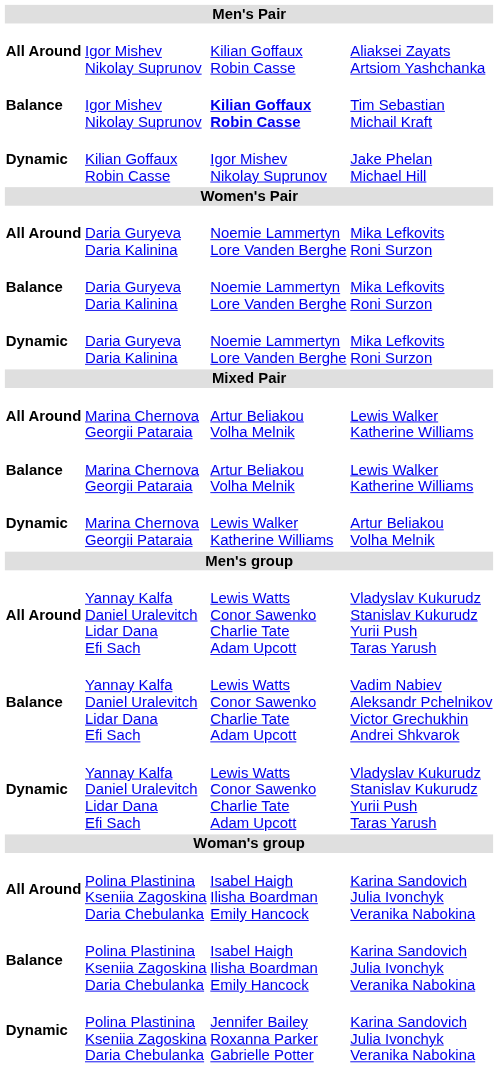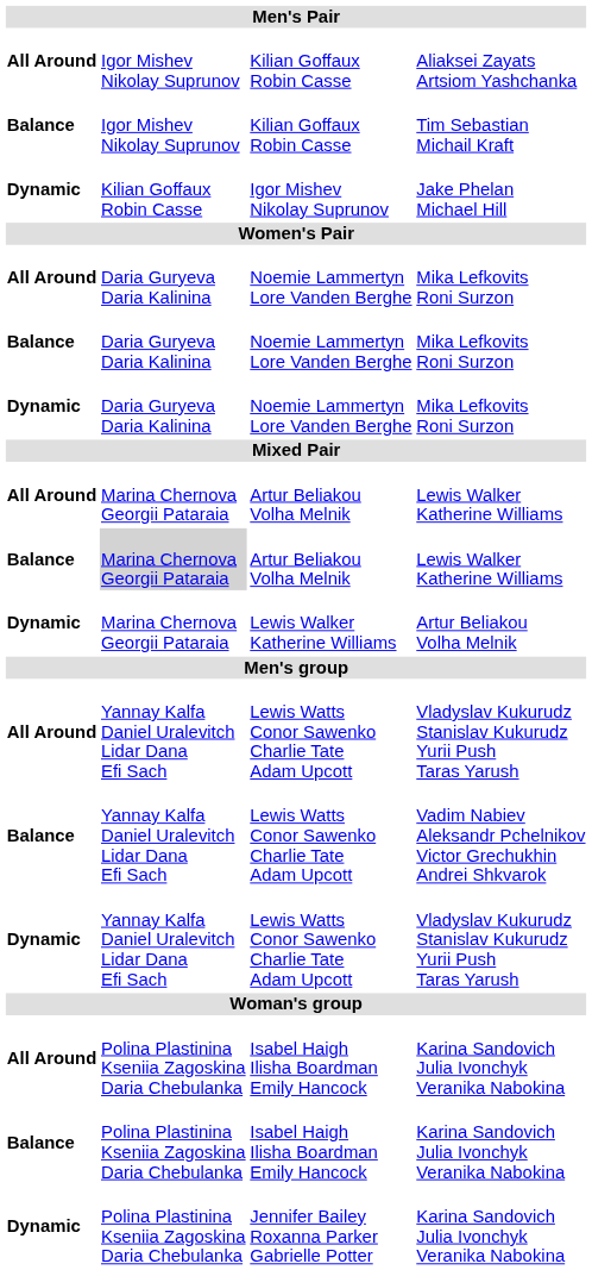 <table>
 <tr bgcolor="DFDFDF">
 <td colspan="4" align="center"><strong>Men's Pair</strong></td>
 </tr>
 <tr>
 <th scope=row style="text-align:left">All Around<br></th>
 <td><br><a href='#'>Igor Mishev</a><br><a href='#'>Nikolay Suprunov</a></td>
 <td><br><a href='#'>Kilian Goffaux</a><br><a href='#'>Robin Casse</a></td>
 <td><br><a href='#'>Aliaksei Zayats</a><br><a href='#'>Artsiom Yashchanka</a></td>
 </tr>
 <tr>
 <th scope=row style="text-align:left">Balance<br></th>
 <td><br><a href='#'>Igor Mishev</a><br><a href='#'>Nikolay Suprunov</a></td>
-<td><strong><br><a href='#'>Kilian Goffaux</a><br><a href='#'>Robin Casse</a></strong></td>
+<td><br><a href='#'>Kilian Goffaux</a><br><a href='#'>Robin Casse</a></td>
 <td><br><a href='#'>Tim Sebastian</a><br><a href='#'>Michail Kraft</a></td>
 </tr>
 <tr>
 <th scope=row style="text-align:left">Dynamic<br></th>
 <td><br><a href='#'>Kilian Goffaux</a><br><a href='#'>Robin Casse</a></td>
 <td><br><a href='#'>Igor Mishev</a><br><a href='#'>Nikolay Suprunov</a></td>
 <td><br><a href='#'>Jake Phelan</a><br><a href='#'>Michael Hill</a></td>
 </tr>
 <tr bgcolor="DFDFDF">
 <td colspan="4" align="center"><strong>Women's Pair</strong></td>
 </tr>
 <tr>
 <th scope=row style="text-align:left">All Around<br></th>
 <td><br><a href='#'>Daria Guryeva</a><br><a href='#'>Daria Kalinina</a></td>
 <td><br><a href='#'>Noemie Lammertyn</a><br><a href='#'>Lore Vanden Berghe</a></td>
 <td><br><a href='#'>Mika Lefkovits</a><br><a href='#'>Roni Surzon</a></td>
 </tr>
 <tr>
 <th scope=row style="text-align:left">Balance<br></th>
 <td><br><a href='#'>Daria Guryeva</a><br><a href='#'>Daria Kalinina</a></td>
 <td><br><a href='#'>Noemie Lammertyn</a><br><a href='#'>Lore Vanden Berghe</a></td>
 <td><br><a href='#'>Mika Lefkovits</a><br><a href='#'>Roni Surzon</a></td>
 </tr>
 <tr>
 <th scope=row style="text-align:left">Dynamic<br></th>
 <td><br><a href='#'>Daria Guryeva</a><br><a href='#'>Daria Kalinina</a></td>
 <td><br><a href='#'>Noemie Lammertyn</a><br><a href='#'>Lore Vanden Berghe</a></td>
 <td><br><a href='#'>Mika Lefkovits</a><br><a href='#'>Roni Surzon</a></td>
 </tr>
 <tr bgcolor="DFDFDF">
 <td colspan="4" align="center"><strong>Mixed Pair</strong></td>
 </tr>
 <tr>
 <th scope=row style="text-align:left">All Around<br></th>
 <td><br><a href='#'>Marina Chernova</a><br><a href='#'>Georgii Pataraia</a></td>
 <td><br><a href='#'>Artur Beliakou</a><br><a href='#'>Volha Melnik</a></td>
 <td><br><a href='#'>Lewis Walker</a><br><a href='#'>Katherine Williams</a></td>
 </tr>
 <tr>
 <th scope=row style="text-align:left">Balance<br></th>
-<td><br><a href='#'>Marina Chernova</a><br><a href='#'>Georgii Pataraia</a></td>
+<td style="background: lightgrey;"><br><a href='#'>Marina Chernova</a><br><a href='#'>Georgii Pataraia</a></td>
 <td><br><a href='#'>Artur Beliakou</a><br><a href='#'>Volha Melnik</a></td>
 <td><br><a href='#'>Lewis Walker</a><br><a href='#'>Katherine Williams</a></td>
 </tr>
 <tr>
 <th scope=row style="text-align:left">Dynamic<br></th>
 <td><br><a href='#'>Marina Chernova</a><br><a href='#'>Georgii Pataraia</a></td>
 <td><br><a href='#'>Lewis Walker</a><br><a href='#'>Katherine Williams</a></td>
 <td><br><a href='#'>Artur Beliakou</a><br><a href='#'>Volha Melnik</a></td>
 </tr>
 <tr bgcolor="DFDFDF">
 <td colspan="4" align="center"><strong>Men's group</strong></td>
 </tr>
 <tr>
 <th scope=row style="text-align:left">All Around<br></th>
 <td><br><a href='#'>Yannay Kalfa</a><br><a href='#'>Daniel Uralevitch</a><br><a href='#'>Lidar Dana</a><br><a href='#'>Efi Sach</a></td>
 <td><br><a href='#'>Lewis Watts</a><br><a href='#'>Conor Sawenko</a><br><a href='#'>Charlie Tate</a><br><a href='#'>Adam Upcott</a></td>
 <td><br><a href='#'>Vladyslav Kukurudz</a><br><a href='#'>Stanislav Kukurudz</a><br><a href='#'>Yurii Push</a><br><a href='#'>Taras Yarush</a></td>
 </tr>
 <tr>
 <th scope=row style="text-align:left">Balance<br></th>
 <td><br><a href='#'>Yannay Kalfa</a><br><a href='#'>Daniel Uralevitch</a><br><a href='#'>Lidar Dana</a><br><a href='#'>Efi Sach</a></td>
 <td><br><a href='#'>Lewis Watts</a><br><a href='#'>Conor Sawenko</a><br><a href='#'>Charlie Tate</a><br><a href='#'>Adam Upcott</a></td>
 <td><br><a href='#'>Vadim Nabiev</a><br><a href='#'>Aleksandr Pchelnikov</a><br><a href='#'>Victor Grechukhin</a><br><a href='#'>Andrei Shkvarok</a></td>
 </tr>
 <tr>
 <th scope=row style="text-align:left">Dynamic<br></th>
 <td><br><a href='#'>Yannay Kalfa</a><br><a href='#'>Daniel Uralevitch</a><br><a href='#'>Lidar Dana</a><br><a href='#'>Efi Sach</a></td>
 <td><br><a href='#'>Lewis Watts</a><br><a href='#'>Conor Sawenko</a><br><a href='#'>Charlie Tate</a><br><a href='#'>Adam Upcott</a></td>
 <td><br><a href='#'>Vladyslav Kukurudz</a><br><a href='#'>Stanislav Kukurudz</a><br><a href='#'>Yurii Push</a><br><a href='#'>Taras Yarush</a></td>
 </tr>
 <tr bgcolor="DFDFDF">
 <td colspan="4" align="center"><strong>Woman's group</strong></td>
 </tr>
 <tr>
 <th scope=row style="text-align:left">All Around<br></th>
 <td><br><a href='#'>Polina Plastinina</a><br><a href='#'>Kseniia Zagoskina</a><br><a href='#'>Daria Chebulanka</a></td>
 <td><br><a href='#'>Isabel Haigh</a><br><a href='#'>Ilisha Boardman</a><br><a href='#'>Emily Hancock</a></td>
 <td><br><a href='#'>Karina Sandovich</a><br><a href='#'>Julia Ivonchyk</a><br><a href='#'>Veranika Nabokina</a></td>
 </tr>
 <tr>
 <th scope=row style="text-align:left">Balance<br></th>
 <td><br><a href='#'>Polina Plastinina</a><br><a href='#'>Kseniia Zagoskina</a><br><a href='#'>Daria Chebulanka</a></td>
 <td><br><a href='#'>Isabel Haigh</a><br><a href='#'>Ilisha Boardman</a><br><a href='#'>Emily Hancock</a></td>
 <td><br><a href='#'>Karina Sandovich</a><br><a href='#'>Julia Ivonchyk</a><br><a href='#'>Veranika Nabokina</a></td>
 </tr>
 <tr>
 <th scope=row style="text-align:left">Dynamic<br></th>
 <td><br><a href='#'>Polina Plastinina</a><br><a href='#'>Kseniia Zagoskina</a><br><a href='#'>Daria Chebulanka</a></td>
 <td><br><a href='#'>Jennifer Bailey</a><br><a href='#'>Roxanna Parker</a><br><a href='#'>Gabrielle Potter</a></td>
 <td><br><a href='#'>Karina Sandovich</a><br><a href='#'>Julia Ivonchyk</a><br><a href='#'>Veranika Nabokina</a></td>
 </tr>
 </table>
